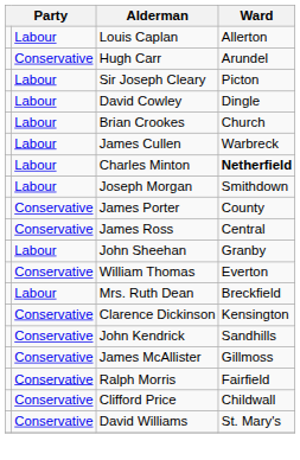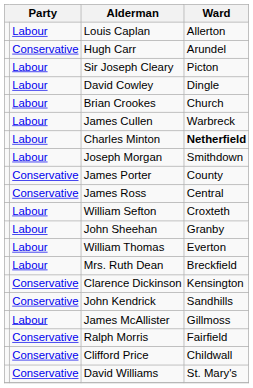 <table class="wikitable">
 <tr>
 <th colspan="2">Party</th>
 <th>Alderman</th>
 <th>Ward</th>
 </tr>
 <tr>
 <td style="background-color: "></td>
 <td><a href='#'>Labour</a></td>
 <td>Louis Caplan</td>
 <td>Allerton</td>
 </tr>
 <tr>
 <td style="background-color: "></td>
 <td><a href='#'>Conservative</a></td>
 <td>Hugh Carr</td>
 <td>Arundel</td>
 </tr>
 <tr>
 <td style="background-color: "></td>
 <td><a href='#'>Labour</a></td>
 <td>Sir Joseph Cleary</td>
 <td>Picton</td>
 </tr>
 <tr>
 <td style="background-color: "></td>
 <td><a href='#'>Labour</a></td>
 <td>David Cowley</td>
 <td>Dingle</td>
 </tr>
 <tr>
 <td style="background-color: "></td>
 <td><a href='#'>Labour</a></td>
 <td>Brian Crookes</td>
 <td>Church</td>
 </tr>
 <tr>
 <td style="background-color: "></td>
 <td><a href='#'>Labour</a></td>
 <td>James Cullen</td>
 <td>Warbreck</td>
 </tr>
 <tr>
 <td style="background-color: "></td>
 <td><a href='#'>Labour</a></td>
 <td>Charles Minton</td>
 <td><strong>Netherfield</strong></td>
 </tr>
 <tr>
 <td style="background-color: "></td>
 <td><a href='#'>Labour</a></td>
 <td>Joseph Morgan</td>
 <td>Smithdown</td>
 </tr>
 <tr>
 <td style="background-color: "></td>
 <td><a href='#'>Conservative</a></td>
 <td>James Porter</td>
 <td>County</td>
 </tr>
 <tr>
 <td style="background-color: "></td>
 <td><a href='#'>Conservative</a></td>
 <td>James Ross</td>
 <td>Central</td>
 </tr>
 <tr>
 <td style="background-color: "></td>
 <td><a href='#'>Labour</a></td>
+<td>William Sefton</td>
+<td>Croxteth</td>
+</tr>
+<tr>
+<td style="background-color: "></td>
+<td><a href='#'>Labour</a></td>
 <td>John Sheehan</td>
 <td>Granby</td>
 </tr>
 <tr>
 <td style="background-color: "></td>
-<td><a href='#'>Conservative</a></td>
+<td><a href='#'>Labour</a></td>
 <td>William Thomas</td>
 <td>Everton</td>
 </tr>
 <tr>
 <td style="background-color: "></td>
 <td><a href='#'>Labour</a></td>
 <td>Mrs. Ruth Dean</td>
 <td>Breckfield</td>
 </tr>
 <tr>
 <td style="background-color: "></td>
 <td><a href='#'>Conservative</a></td>
 <td>Clarence Dickinson</td>
 <td>Kensington</td>
 </tr>
 <tr>
 <td style="background-color: "></td>
 <td><a href='#'>Conservative</a></td>
 <td>John Kendrick</td>
 <td>Sandhills</td>
 </tr>
 <tr>
 <td style="background-color: "></td>
-<td><a href='#'>Conservative</a></td>
+<td><a href='#'>Labour</a></td>
 <td>James McAllister</td>
 <td>Gillmoss</td>
 </tr>
 <tr>
 <td style="background-color: "></td>
 <td><a href='#'>Conservative</a></td>
 <td>Ralph Morris</td>
 <td>Fairfield</td>
 </tr>
 <tr>
 <td style="background-color: "></td>
 <td><a href='#'>Conservative</a></td>
 <td>Clifford Price</td>
 <td>Childwall</td>
 </tr>
 <tr>
 <td style="background-color: "></td>
 <td><a href='#'>Conservative</a></td>
 <td>David Williams</td>
 <td>St. Mary's</td>
 </tr>
 <tr>
 </tr>
 </table>
